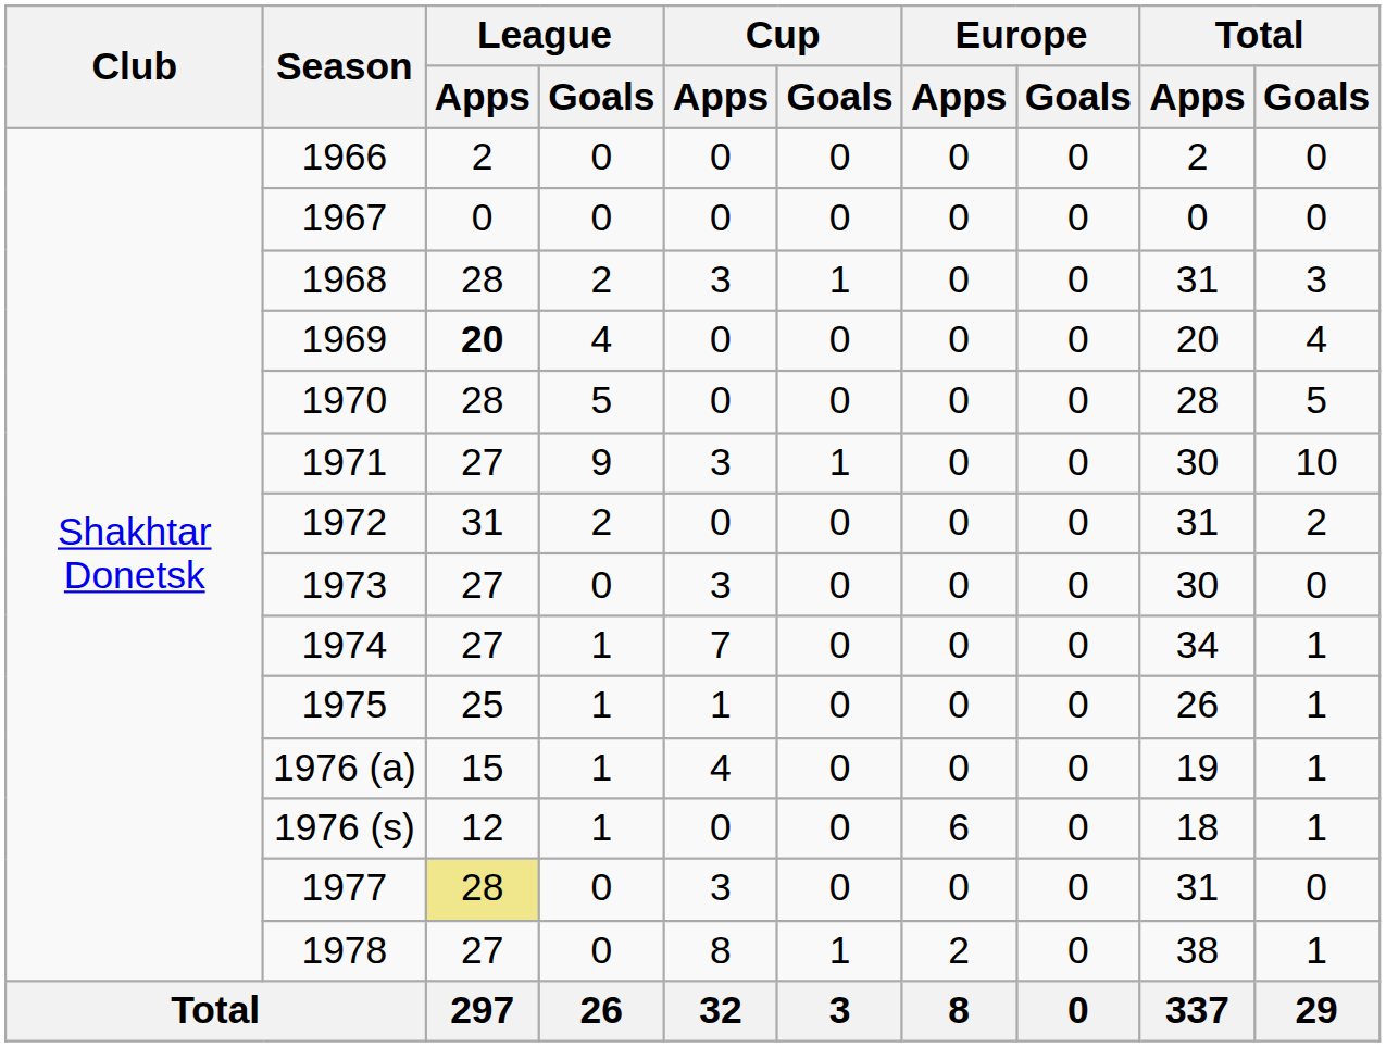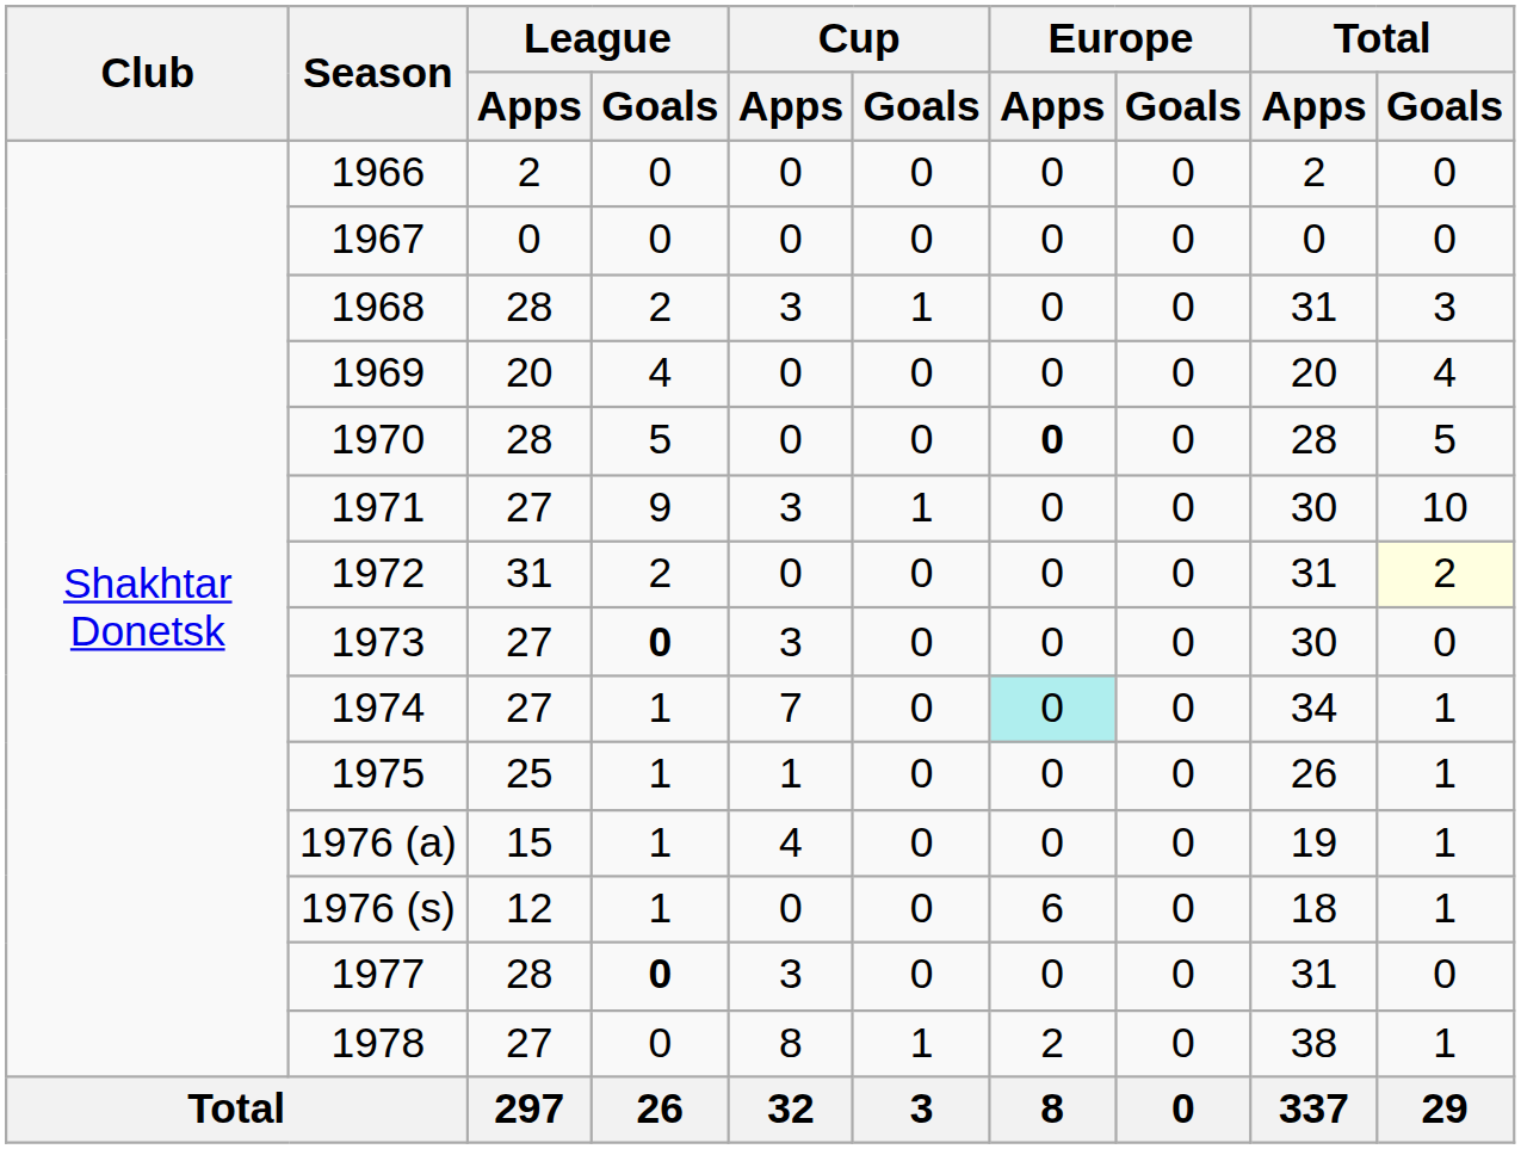 <table class="wikitable" style="text-align:center">
 <tr>
 <th rowspan="2" width="100">Club</th>
 <th rowspan="2" width="60">Season</th>
 <th colspan="2">League</th>
 <th colspan="2">Cup</th>
 <th colspan="2">Europe</th>
 <th colspan="2">Total</th>
 </tr>
 <tr>
 <th width="40">Apps</th>
 <th width="40">Goals</th>
 <th width="40">Apps</th>
 <th width="40">Goals</th>
 <th width="40">Apps</th>
 <th width="40">Goals</th>
 <th width="40">Apps</th>
 <th width="40">Goals</th>
 </tr>
 <tr>
 <td rowspan="14"><a href='#'>Shakhtar Donetsk</a></td>
 <td>1966</td>
 <td>2</td>
 <td>0</td>
 <td>0</td>
 <td>0</td>
 <td>0</td>
 <td>0</td>
 <td>2</td>
 <td>0</td>
 </tr>
 <tr>
 <td>1967</td>
 <td>0</td>
 <td>0</td>
 <td>0</td>
 <td>0</td>
 <td>0</td>
 <td>0</td>
 <td>0</td>
 <td>0</td>
 </tr>
 <tr>
 <td>1968</td>
 <td>28</td>
 <td>2</td>
 <td>3</td>
 <td>1</td>
 <td>0</td>
 <td>0</td>
 <td>31</td>
 <td>3</td>
 </tr>
 <tr>
 <td>1969</td>
-<td><strong>20</strong></td>
+<td>20</td>
 <td>4</td>
 <td>0</td>
 <td>0</td>
 <td>0</td>
 <td>0</td>
 <td>20</td>
 <td>4</td>
 </tr>
 <tr>
 <td>1970</td>
 <td>28</td>
 <td>5</td>
 <td>0</td>
 <td>0</td>
-<td>0</td>
+<td><strong>0</strong></td>
 <td>0</td>
 <td>28</td>
 <td>5</td>
 </tr>
 <tr>
 <td>1971</td>
 <td>27</td>
 <td>9</td>
 <td>3</td>
 <td>1</td>
 <td>0</td>
 <td>0</td>
 <td>30</td>
 <td>10</td>
 </tr>
 <tr>
 <td>1972</td>
 <td>31</td>
 <td>2</td>
 <td>0</td>
 <td>0</td>
 <td>0</td>
 <td>0</td>
 <td>31</td>
-<td>2</td>
+<td style="background: lightyellow;">2</td>
 </tr>
 <tr>
 <td>1973</td>
 <td>27</td>
-<td>0</td>
+<td><strong>0</strong></td>
 <td>3</td>
 <td>0</td>
 <td>0</td>
 <td>0</td>
 <td>30</td>
 <td>0</td>
 </tr>
 <tr>
 <td>1974</td>
 <td>27</td>
 <td>1</td>
 <td>7</td>
 <td>0</td>
-<td>0</td>
+<td style="background: paleturquoise;">0</td>
 <td>0</td>
 <td>34</td>
 <td>1</td>
 </tr>
 <tr>
 <td>1975</td>
 <td>25</td>
 <td>1</td>
 <td>1</td>
 <td>0</td>
 <td>0</td>
 <td>0</td>
 <td>26</td>
 <td>1</td>
 </tr>
 <tr>
 <td>1976 (a)</td>
 <td>15</td>
 <td>1</td>
 <td>4</td>
 <td>0</td>
 <td>0</td>
 <td>0</td>
 <td>19</td>
 <td>1</td>
 </tr>
 <tr>
 <td>1976 (s)</td>
 <td>12</td>
 <td>1</td>
 <td>0</td>
 <td>0</td>
 <td>6</td>
 <td>0</td>
 <td>18</td>
 <td>1</td>
 </tr>
 <tr>
 <td>1977</td>
-<td style="background: khaki;">28</td>
-<td>0</td>
+<td>28</td>
+<td><strong>0</strong></td>
 <td>3</td>
 <td>0</td>
 <td>0</td>
 <td>0</td>
 <td>31</td>
 <td>0</td>
 </tr>
 <tr>
 <td>1978</td>
 <td>27</td>
 <td>0</td>
 <td>8</td>
 <td>1</td>
 <td>2</td>
 <td>0</td>
 <td>38</td>
 <td>1</td>
 </tr>
 <tr>
 <th colspan="2">Total</th>
 <th>297</th>
 <th>26</th>
 <th>32</th>
 <th>3</th>
 <th>8</th>
 <th>0</th>
 <th>337</th>
 <th>29</th>
 </tr>
 </table>
